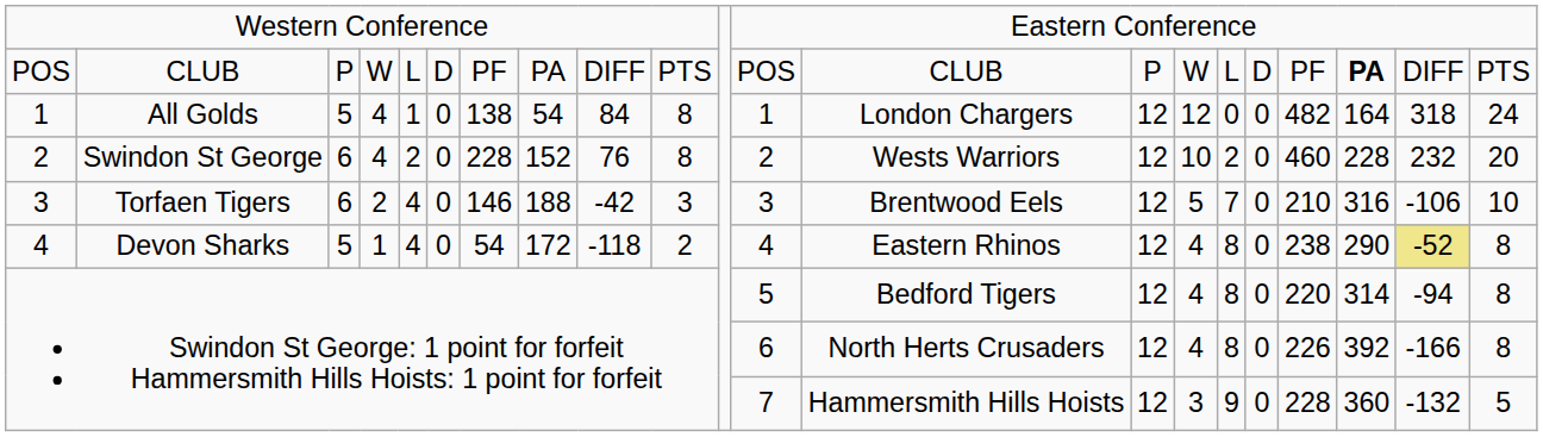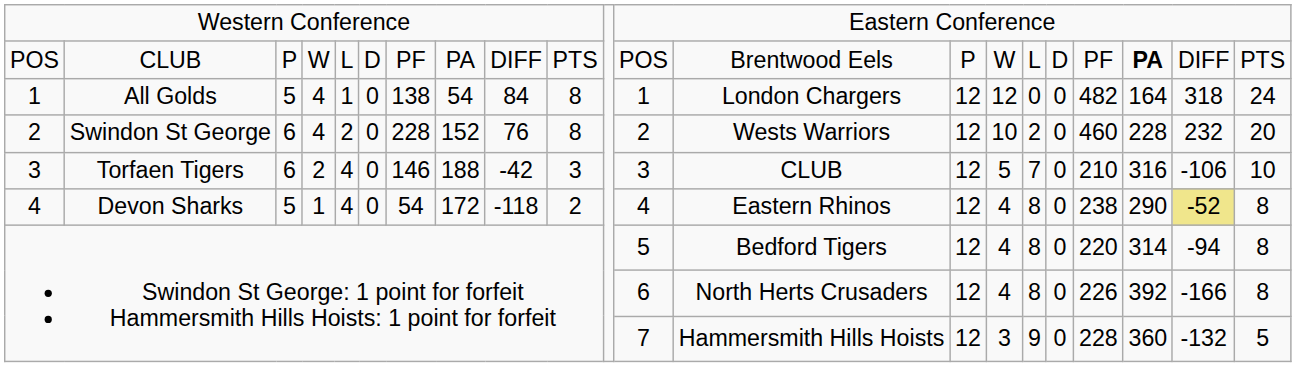 <table class="wikitable" style="text-align: center;">
 <tr>
 <td colspan="10">Western Conference</td>
 <td rowspan="9"></td>
 <td colspan="10">Eastern Conference</td>
 </tr>
 <tr>
 <td>POS</td>
 <td>CLUB</td>
 <td>P</td>
 <td>W</td>
 <td>L</td>
 <td>D</td>
 <td>PF</td>
 <td>PA</td>
 <td>DIFF</td>
 <td>PTS</td>
 <td>POS</td>
-<td>CLUB</td>
+<td>Brentwood Eels</td>
 <td>P</td>
 <td>W</td>
 <td>L</td>
 <td>D</td>
 <td>PF</td>
 <td><strong>PA</strong></td>
 <td>DIFF</td>
 <td>PTS</td>
 </tr>
 <tr>
 <td>1</td>
 <td>All Golds</td>
 <td>5</td>
 <td>4</td>
 <td>1</td>
 <td>0</td>
 <td>138</td>
 <td>54</td>
 <td>84</td>
 <td>8</td>
 <td>1</td>
 <td>London Chargers</td>
 <td>12</td>
 <td>12</td>
 <td>0</td>
 <td>0</td>
 <td>482</td>
 <td>164</td>
 <td>318</td>
 <td>24</td>
 </tr>
 <tr>
 <td>2</td>
 <td>Swindon St George</td>
 <td>6</td>
 <td>4</td>
 <td>2</td>
 <td>0</td>
 <td>228</td>
 <td>152</td>
 <td>76</td>
 <td>8</td>
 <td>2</td>
 <td>Wests Warriors</td>
 <td>12</td>
 <td>10</td>
 <td>2</td>
 <td>0</td>
 <td>460</td>
 <td>228</td>
 <td>232</td>
 <td>20</td>
 </tr>
 <tr>
 <td>3</td>
 <td>Torfaen Tigers</td>
 <td>6</td>
 <td>2</td>
 <td>4</td>
 <td>0</td>
 <td>146</td>
 <td>188</td>
 <td>-42</td>
 <td>3</td>
 <td>3</td>
-<td>Brentwood Eels</td>
+<td>CLUB</td>
 <td>12</td>
 <td>5</td>
 <td>7</td>
 <td>0</td>
 <td>210</td>
 <td>316</td>
 <td>-106</td>
 <td>10</td>
 </tr>
 <tr>
 <td>4</td>
 <td>Devon Sharks</td>
 <td>5</td>
 <td>1</td>
 <td>4</td>
 <td>0</td>
 <td>54</td>
 <td>172</td>
 <td>-118</td>
 <td>2</td>
 <td>4</td>
 <td>Eastern Rhinos</td>
 <td>12</td>
 <td>4</td>
 <td>8</td>
 <td>0</td>
 <td>238</td>
 <td>290</td>
 <td style="background: khaki;">-52</td>
 <td>8</td>
 </tr>
 <tr>
 <td colspan="10" rowspan="3"><br><ul><li>Swindon St George: 1 point for forfeit</li><li>Hammersmith Hills Hoists: 1 point for forfeit</li></ul></td>
 <td>5</td>
 <td>Bedford Tigers</td>
 <td>12</td>
 <td>4</td>
 <td>8</td>
 <td>0</td>
 <td>220</td>
 <td>314</td>
 <td>-94</td>
 <td>8</td>
 </tr>
 <tr>
 <td>6</td>
 <td>North Herts Crusaders</td>
 <td>12</td>
 <td>4</td>
 <td>8</td>
 <td>0</td>
 <td>226</td>
 <td>392</td>
 <td>-166</td>
 <td>8</td>
 </tr>
 <tr>
 <td>7</td>
 <td>Hammersmith Hills Hoists</td>
 <td>12</td>
 <td>3</td>
 <td>9</td>
 <td>0</td>
 <td>228</td>
 <td>360</td>
 <td>-132</td>
 <td>5</td>
 </tr>
 </table>
